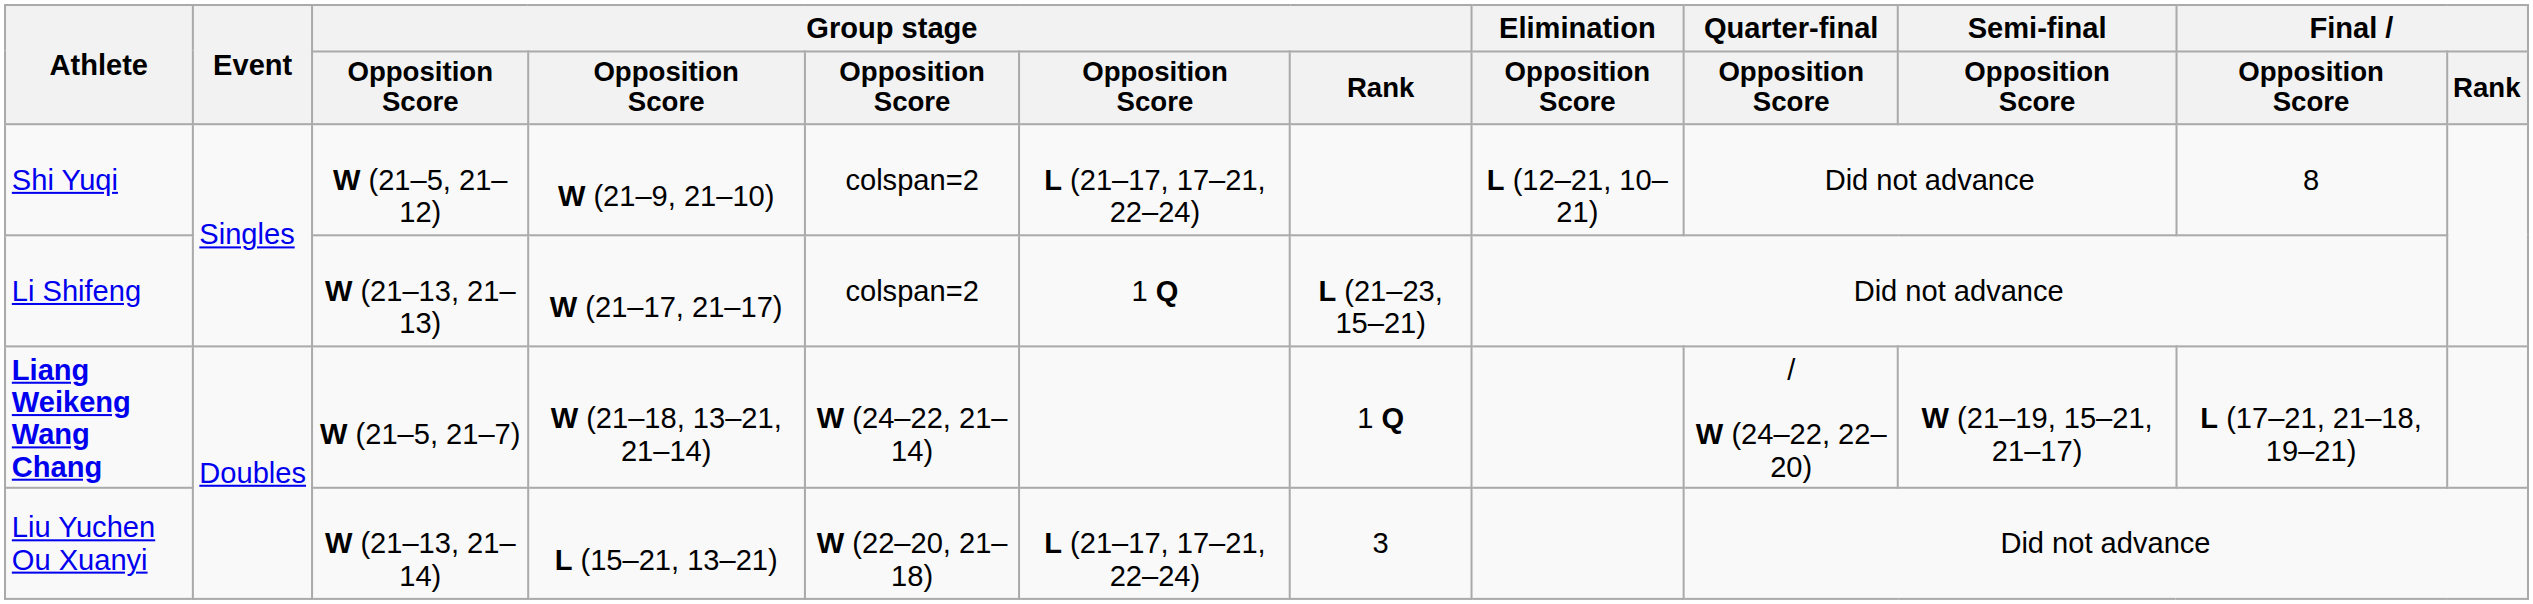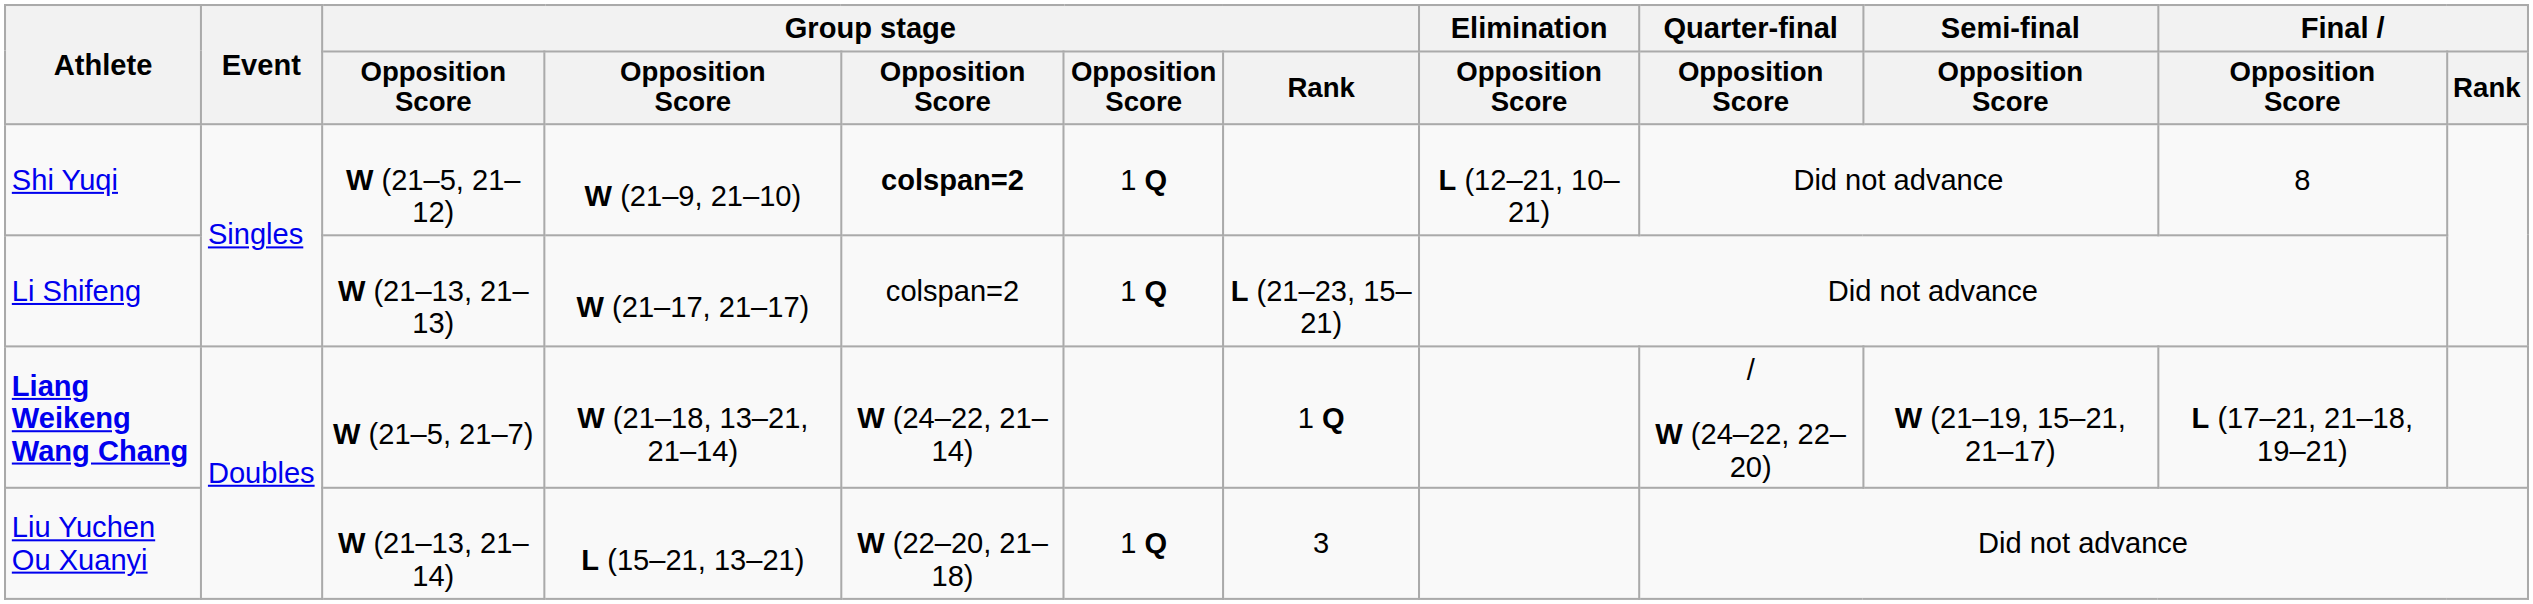 <table class=wikitable style=font-size:90%;text-align:center>
 <tr>
 <th rowspan="2">Athlete</th>
 <th rowspan="2">Event</th>
 <th colspan="5">Group stage</th>
 <th>Elimination</th>
 <th>Quarter-final</th>
 <th>Semi-final</th>
 <th colspan="2">Final / </th>
 </tr>
 <tr style="font-size:95%">
 <th>Opposition<br>Score</th>
 <th>Opposition<br>Score</th>
 <th>Opposition<br>Score</th>
 <th>Opposition<br>Score</th>
 <th>Rank</th>
 <th>Opposition<br>Score</th>
 <th>Opposition<br>Score</th>
 <th>Opposition<br>Score</th>
 <th>Opposition<br>Score</th>
 <th>Rank</th>
 </tr>
 <tr>
 <td align="left"><a href='#'>Shi Yuqi</a></td>
 <td align="left" rowspan="2"><a href='#'>Singles</a></td>
 <td><br><strong>W</strong> (21–5, 21–12)</td>
 <td><br><strong>W</strong> (21–9, 21–10)</td>
-<td>colspan=2</td>
-<td><br><strong>L</strong> (21–17, 17–21, 22–24)</td>
+<td><strong>colspan=2</strong></td>
+<td>1 <strong>Q</strong></td>
 <td></td>
 <td><br><strong>L</strong> (12–21, 10–21)</td>
 <td colspan=2>Did not advance</td>
 <td>8</td>
 </tr>
 <tr>
 <td align="left"><a href='#'>Li Shifeng</a></td>
 <td><br><strong>W</strong> (21–13, 21–13)</td>
 <td><br><strong>W</strong> (21–17, 21–17)</td>
 <td>colspan=2</td>
 <td>1 <strong>Q</strong></td>
 <td><br><strong>L</strong> (21–23, 15–21)</td>
 <td colspan=4>Did not advance</td>
 </tr>
 <tr>
 <td align="left"><strong><a href='#'>Liang Weikeng</a><br><a href='#'>Wang Chang</a></strong></td>
 <td align="left" rowspan="2"><a href='#'>Doubles</a></td>
 <td><br><strong>W</strong> (21–5, 21–7)</td>
 <td><br><strong>W</strong> (21–18, 13–21, 21–14)</td>
 <td><br><strong>W</strong> (24–22, 21–14)</td>
 <td></td>
 <td>1 <strong>Q</strong></td>
 <td></td>
 <td> /<br><br><strong>W</strong> (24–22, 22–20)</td>
 <td><br><strong>W</strong> (21–19, 15–21, 21–17)</td>
 <td><br><strong>L</strong> (17–21, 21–18, 19–21)</td>
 <td></td>
 </tr>
 <tr>
 <td align="left"><a href='#'>Liu Yuchen</a><br><a href='#'>Ou Xuanyi</a></td>
 <td><br><strong>W</strong> (21–13, 21–14)</td>
 <td><br><strong>L</strong> (15–21, 13–21)</td>
 <td><br><strong>W</strong> (22–20, 21–18)</td>
-<td><br><strong>L</strong> (21–17, 17–21, 22–24)</td>
+<td>1 <strong>Q</strong></td>
 <td>3</td>
 <td></td>
 <td colspan=4>Did not advance</td>
 </tr>
 </table>
